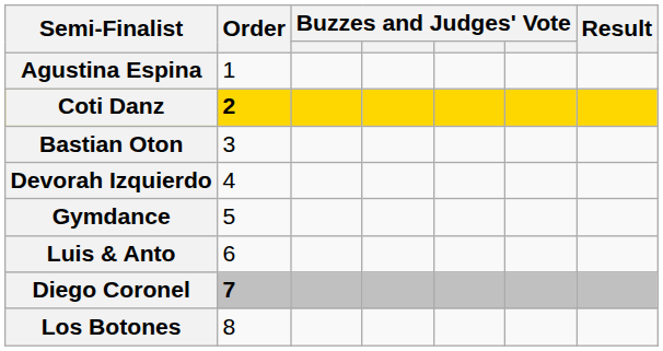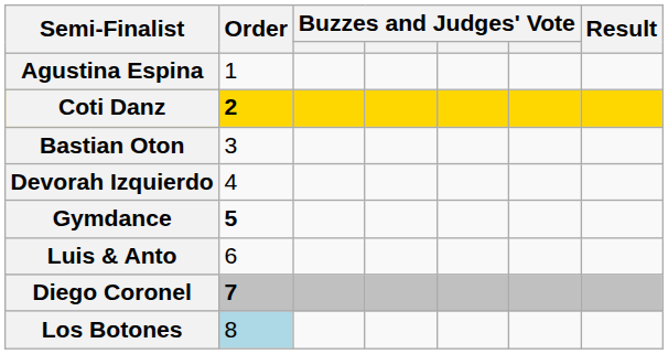 <table class="wikitable plainrowheaders sortable">
 <tr>
 <th rowspan="2" class="unsortable" scope="col">Semi-Finalist</th>
 <th rowspan="2" scope="col">Order</th>
 <th colspan="4" class="unsortable" scope="col">Buzzes and Judges' Vote</th>
 <th rowspan="2" scope="col">Result</th>
 </tr>
 <tr>
 <th class="unsortable" scope="col"></th>
 <th class="unsortable" scope="col"></th>
 <th class="unsortable" scope="col"></th>
 <th></th>
 </tr>
 <tr>
 <th scope="row">Agustina Espina</th>
 <td>1</td>
 <td></td>
 <td style="text-align:center;"></td>
 <td></td>
 <td></td>
 <td></td>
 </tr>
 <tr bgcolor="gold">
 <th scope="row">Coti Danz</th>
 <td><strong>2</strong></td>
 <td></td>
 <td></td>
 <td></td>
 <td></td>
 <td><strong></strong></td>
 </tr>
 <tr>
 <th scope="row">Bastian Oton</th>
 <td>3</td>
 <td></td>
 <td></td>
 <td></td>
 <td></td>
 <td></td>
 </tr>
 <tr>
 <th scope="row">Devorah Izquierdo</th>
 <td>4</td>
 <td></td>
 <td></td>
 <td></td>
 <td></td>
 <td></td>
 </tr>
 <tr>
 <th scope="row">Gymdance</th>
-<td>5</td>
+<td><strong>5</strong></td>
 <td></td>
 <td></td>
 <td></td>
 <td></td>
 <td></td>
 </tr>
 <tr>
 <th scope="row">Luis & Anto</th>
 <td>6</td>
 <td></td>
 <td></td>
 <td></td>
 <td></td>
 <td></td>
 </tr>
 <tr bgcolor=silver>
 <th scope="row">Diego Coronel</th>
 <td><strong>7</strong></td>
 <td style="text-align:center;"></td>
 <td></td>
 <td style="text-align:center;"></td>
 <td style="text-align:center;"></td>
 <td><strong></strong></td>
 </tr>
 <tr>
 <th scope="row">Los Botones</th>
-<td>8</td>
+<td style="background: lightblue;">8</td>
 <td></td>
 <td></td>
 <td></td>
 <td></td>
 <td></td>
 </tr>
 </table>
